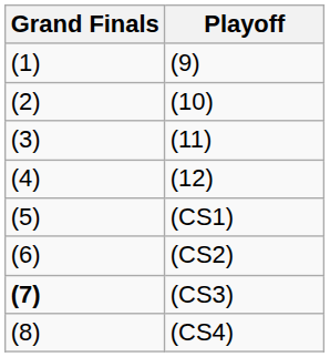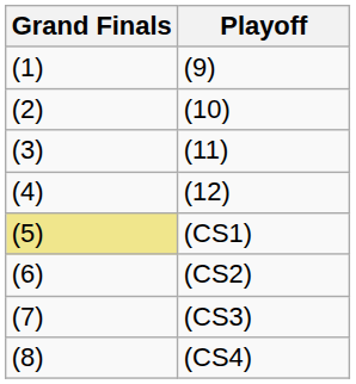 <table class="wikitable">
 <tr>
 <th width=50%>Grand Finals</th>
 <th width="50%">Playoff</th>
 </tr>
 <tr>
 <td> (1)</td>
 <td> (9)</td>
 </tr>
 <tr>
 <td> (2)</td>
 <td> (10)</td>
 </tr>
 <tr>
 <td> (3)</td>
 <td> (11)</td>
 </tr>
 <tr>
 <td> (4)</td>
 <td> (12)</td>
 </tr>
 <tr>
-<td> (5)</td>
+<td style="background: khaki;"> (5)</td>
 <td> (CS1)</td>
 </tr>
 <tr>
 <td> (6)</td>
 <td> (CS2)</td>
 </tr>
 <tr>
-<td><strong> (7)</strong></td>
+<td> (7)</td>
 <td> (CS3)</td>
 </tr>
 <tr>
 <td> (8)</td>
 <td> (CS4)</td>
 </tr>
 </table>
